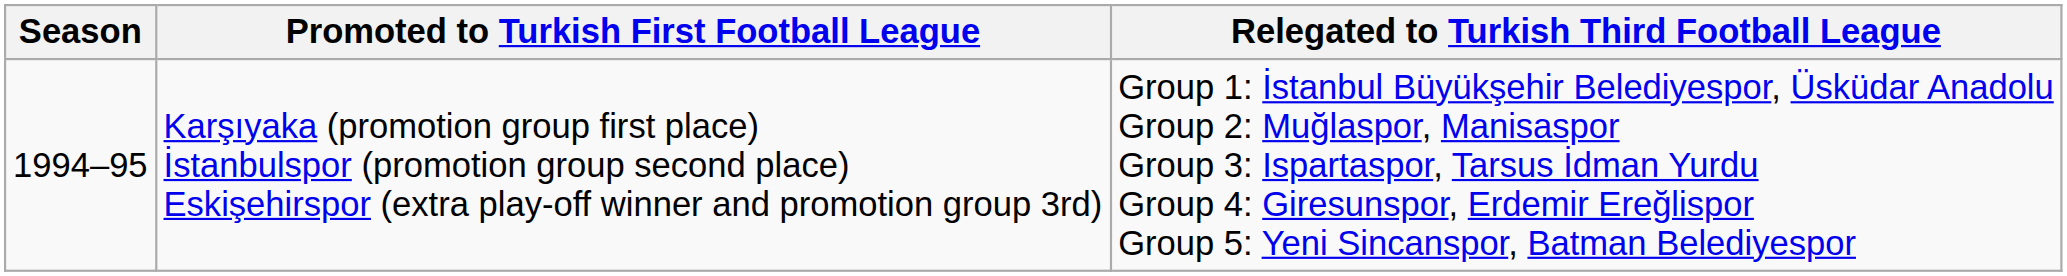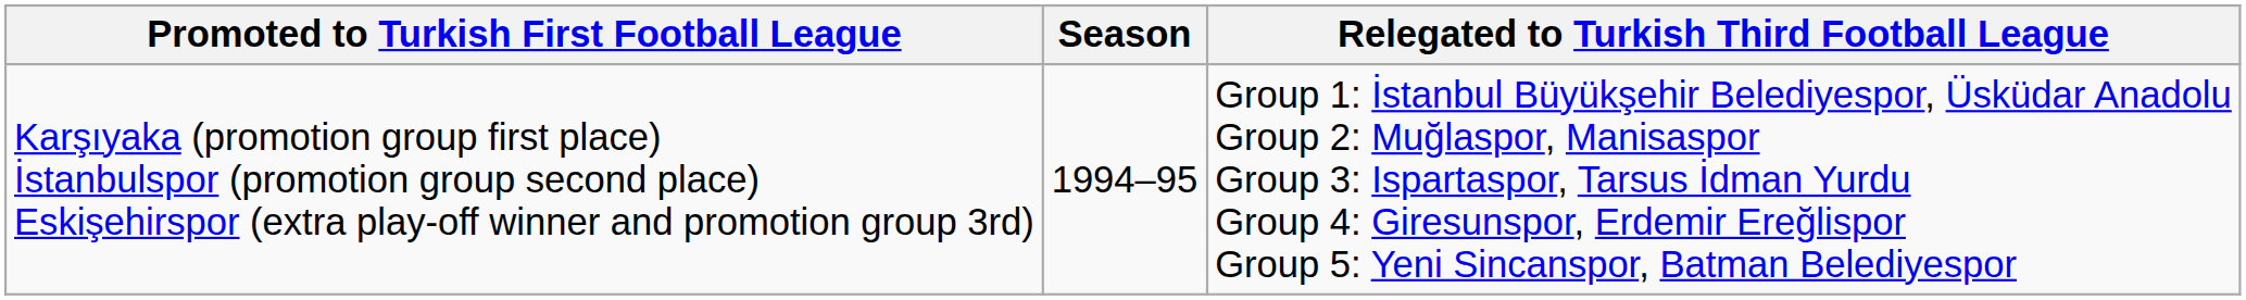 <table class="wikitable">
 <tr>
+<th>Promoted to <a href='#'>Turkish First Football League</a></th>
 <th>Season</th>
-<th>Promoted to <a href='#'>Turkish First Football League</a></th>
 <th>Relegated to <a href='#'>Turkish Third Football League</a></th>
 </tr>
 <tr>
+<td><a href='#'>Karşıyaka</a> (promotion group first place)<br><a href='#'>İstanbulspor</a> (promotion group second place)<br><a href='#'>Eskişehirspor</a> (extra play-off winner and promotion group 3rd)</td>
 <td>1994–95</td>
-<td><a href='#'>Karşıyaka</a> (promotion group first place)<br><a href='#'>İstanbulspor</a> (promotion group second place)<br><a href='#'>Eskişehirspor</a> (extra play-off winner and promotion group 3rd)</td>
 <td>Group 1: <a href='#'>İstanbul Büyükşehir Belediyespor</a>, <a href='#'>Üsküdar Anadolu</a><br>Group 2: <a href='#'>Muğlaspor</a>, <a href='#'>Manisaspor</a><br>Group 3: <a href='#'>Ispartaspor</a>, <a href='#'>Tarsus İdman Yurdu</a><br>Group 4: <a href='#'>Giresunspor</a>, <a href='#'>Erdemir Ereğlispor</a><br>Group 5: <a href='#'>Yeni Sincanspor</a>, <a href='#'>Batman Belediyespor</a></td>
 </tr>
 </table>
